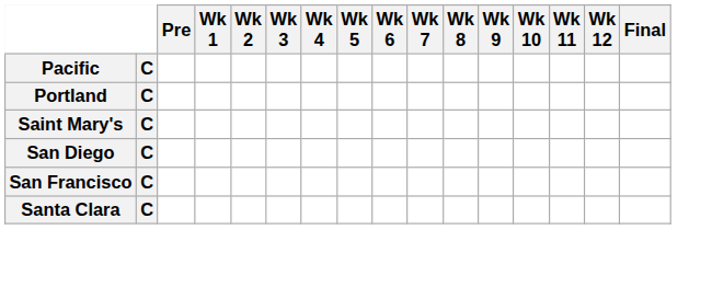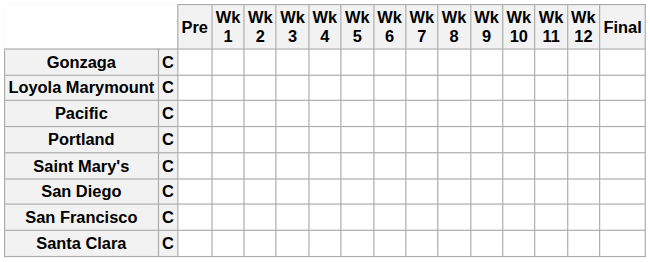 <table class="wikitable" style="white-space:nowrap;font-size:90%;">
 <tr>
 <th colspan=2 style="background:white; border-top-style:hidden; border-left-style:hidden;"> </th>
 <th>Pre</th>
 <th>Wk<br>1</th>
 <th>Wk<br>2</th>
 <th>Wk<br>3</th>
 <th>Wk<br>4</th>
 <th>Wk<br>5</th>
 <th>Wk<br>6</th>
 <th>Wk<br>7</th>
 <th>Wk<br>8</th>
 <th>Wk<br>9</th>
 <th>Wk<br>10</th>
 <th>Wk<br>11</th>
 <th>Wk<br>12</th>
 <th>Final</th>
+</tr>
+<tr style="text-align:center;">
+<th style="background:#">Gonzaga</th>
+<th>C</th>
+<td style="background:#FFF;"></td>
+<td style="background:#FFF;"></td>
+<td style="background:#FFF;"></td>
+<td style="background:#FFF;"></td>
+<td style="background:#FFF;"></td>
+<td style="background:#FFF;"></td>
+<td style="background:#FFF;"></td>
+<td style="background:#FFF;"></td>
+<td style="background:#FFF;"></td>
+<td style="background:#FFF;"></td>
+<td style="background:#FFF;"></td>
+<td style="background:#FFF;"></td>
+<td style="background:#FFF;"></td>
+<td style="background:#FFF;"></td>
+</tr>
+<tr style="text-align:center;">
+<th style="background:#">Loyola Marymount</th>
+<th>C</th>
+<td style="background:#FFF;"></td>
+<td style="background:#FFF;"></td>
+<td style="background:#FFF;"></td>
+<td style="background:#FFF;"></td>
+<td style="background:#FFF;"></td>
+<td style="background:#FFF;"></td>
+<td style="background:#FFF;"></td>
+<td style="background:#FFF;"></td>
+<td style="background:#FFF;"></td>
+<td style="background:#FFF;"></td>
+<td style="background:#FFF;"></td>
+<td style="background:#FFF;"></td>
+<td style="background:#FFF;"></td>
+<td style="background:#FFF;"></td>
 </tr>
 <tr style="text-align:center;">
 <th style="background:#">Pacific</th>
 <th>C</th>
 <td style="background:#FFF;"></td>
 <td style="background:#FFF;"></td>
 <td style="background:#FFF;"></td>
 <td style="background:#FFF;"></td>
 <td style="background:#FFF;"></td>
 <td style="background:#FFF;"></td>
 <td style="background:#FFF;"></td>
 <td style="background:#FFF;"></td>
 <td style="background:#FFF;"></td>
 <td style="background:#FFF;"></td>
 <td style="background:#FFF;"></td>
 <td style="background:#FFF;"></td>
 <td style="background:#FFF;"></td>
 <td style="background:#FFF;"></td>
 </tr>
 <tr style="text-align:center;">
 <th style="background:#">Portland</th>
 <th>C</th>
 <td style="background:#FFF;"></td>
 <td style="background:#FFF;"></td>
 <td style="background:#FFF;"></td>
 <td style="background:#FFF;"></td>
 <td style="background:#FFF;"></td>
 <td style="background:#FFF;"></td>
 <td style="background:#FFF;"></td>
 <td style="background:#FFF;"></td>
 <td style="background:#FFF;"></td>
 <td style="background:#FFF;"></td>
 <td style="background:#FFF;"></td>
 <td style="background:#FFF;"></td>
 <td style="background:#FFF;"></td>
 <td style="background:#FFF;"></td>
 </tr>
 <tr style="text-align:center;">
 <th style="background:#">Saint Mary's</th>
 <th>C</th>
 <td style="background:#FFF;"></td>
 <td style="background:#FFF;"></td>
 <td style="background:#FFF;"></td>
 <td style="background:#FFF;"></td>
 <td style="background:#FFF;"></td>
 <td style="background:#FFF;"></td>
 <td style="background:#FFF;"></td>
 <td style="background:#FFF;"></td>
 <td style="background:#FFF;"></td>
 <td style="background:#FFF;"></td>
 <td style="background:#FFF;"></td>
 <td style="background:#FFF;"></td>
 <td style="background:#FFF;"></td>
 <td style="background:#FFF;"></td>
 </tr>
 <tr style="text-align:center;">
 <th style="background:#">San Diego</th>
 <th>C</th>
 <td style="background:#FFF;"></td>
 <td style="background:#FFF;"></td>
 <td style="background:#FFF;"></td>
 <td style="background:#FFF;"></td>
 <td style="background:#FFF;"></td>
 <td style="background:#FFF;"></td>
 <td style="background:#FFF;"></td>
 <td style="background:#FFF;"></td>
 <td style="background:#FFF;"></td>
 <td style="background:#FFF;"></td>
 <td style="background:#FFF;"></td>
 <td style="background:#FFF;"></td>
 <td style="background:#FFF;"></td>
 <td style="background:#FFF;"></td>
 </tr>
 <tr style="text-align:center;">
 <th style="background:#">San Francisco</th>
 <th>C</th>
 <td style="background:#FFF;"></td>
 <td style="background:#FFF;"></td>
 <td style="background:#FFF;"></td>
 <td style="background:#FFF;"></td>
 <td style="background:#FFF;"></td>
 <td style="background:#FFF;"></td>
 <td style="background:#FFF;"></td>
 <td style="background:#FFF;"></td>
 <td style="background:#FFF;"></td>
 <td style="background:#FFF;"></td>
 <td style="background:#FFF;"></td>
 <td style="background:#FFF;"></td>
 <td style="background:#FFF;"></td>
 <td style="background:#FFF;"></td>
 </tr>
 <tr style="text-align:center;">
 <th style="background:#">Santa Clara</th>
 <th>C</th>
 <td style="background:#FFF;"></td>
 <td style="background:#FFF;"></td>
 <td style="background:#FFF;"></td>
 <td style="background:#FFF;"></td>
 <td style="background:#FFF;"></td>
 <td style="background:#FFF;"></td>
 <td style="background:#FFF;"></td>
 <td style="background:#FFF;"></td>
 <td style="background:#FFF;"></td>
 <td style="background:#FFF;"></td>
 <td style="background:#FFF;"></td>
 <td style="background:#FFF;"></td>
 <td style="background:#FFF;"></td>
 <td style="background:#FFF;"></td>
 </tr>
 </table>
